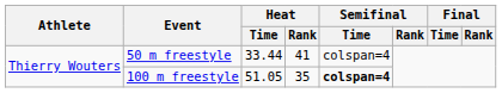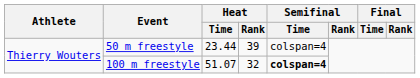 <table class=wikitable style="font-size:90%; text-align:center">
 <tr>
 <th rowspan=2>Athlete</th>
 <th rowspan=2>Event</th>
 <th colspan=2>Heat</th>
 <th colspan=2>Semifinal</th>
 <th colspan=2>Final</th>
 </tr>
 <tr style=font-size:95%>
 <th>Time</th>
 <th>Rank</th>
 <th>Time</th>
 <th>Rank</th>
 <th>Time</th>
 <th>Rank</th>
 </tr>
 <tr>
 <td align=left rowspan=2><a href='#'>Thierry Wouters</a></td>
 <td align=left><a href='#'>50 m freestyle</a></td>
-<td>33.44</td>
-<td>41</td>
+<td>23.44</td>
+<td>39</td>
 <td>colspan=4 </td>
 </tr>
 <tr>
 <td align=left><a href='#'>100 m freestyle</a></td>
-<td>51.05</td>
-<td>35</td>
+<td>51.07</td>
+<td>32</td>
 <td><strong>colspan=4 </strong></td>
 </tr>
 </table>
